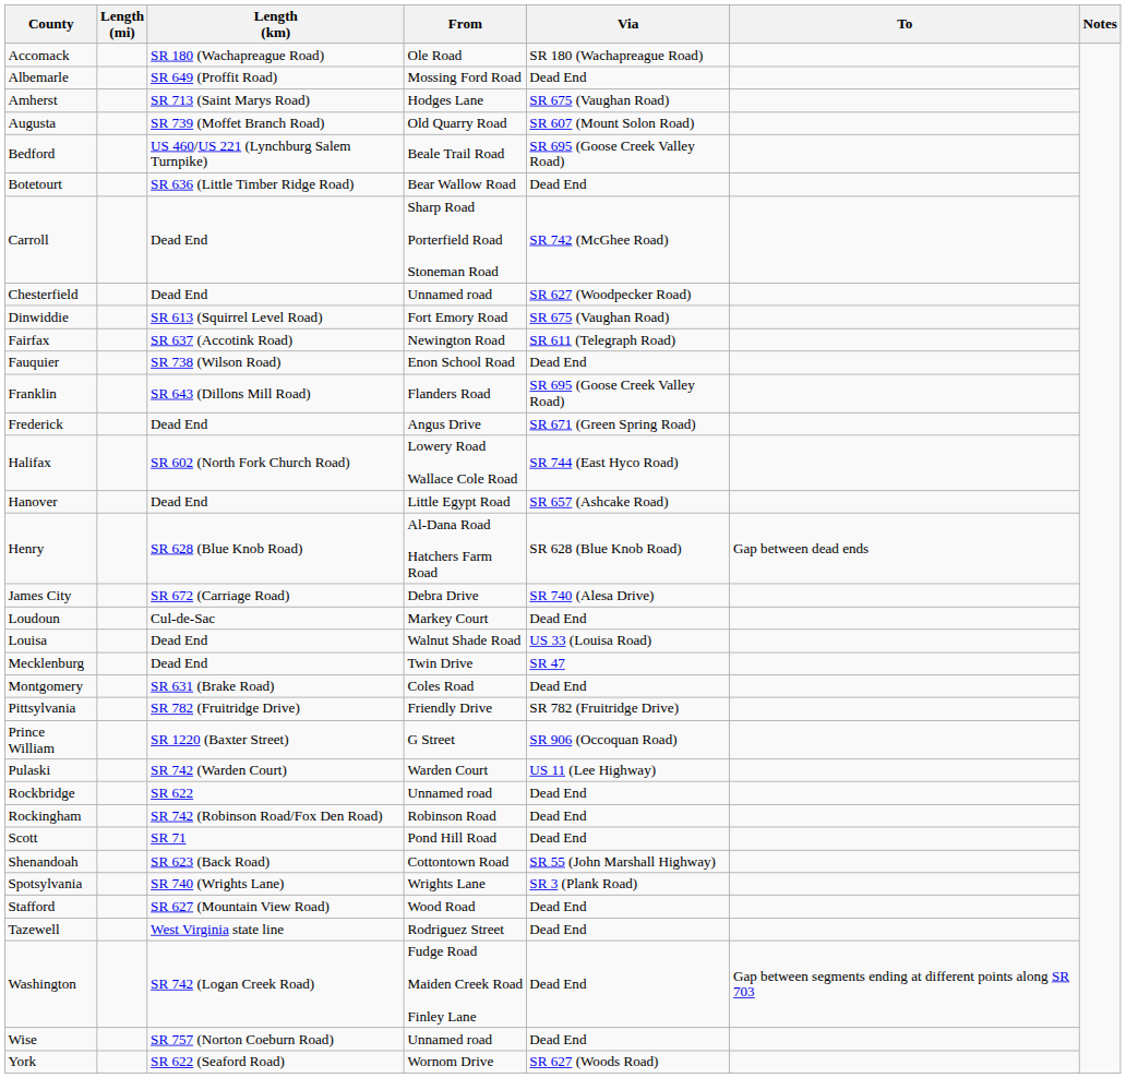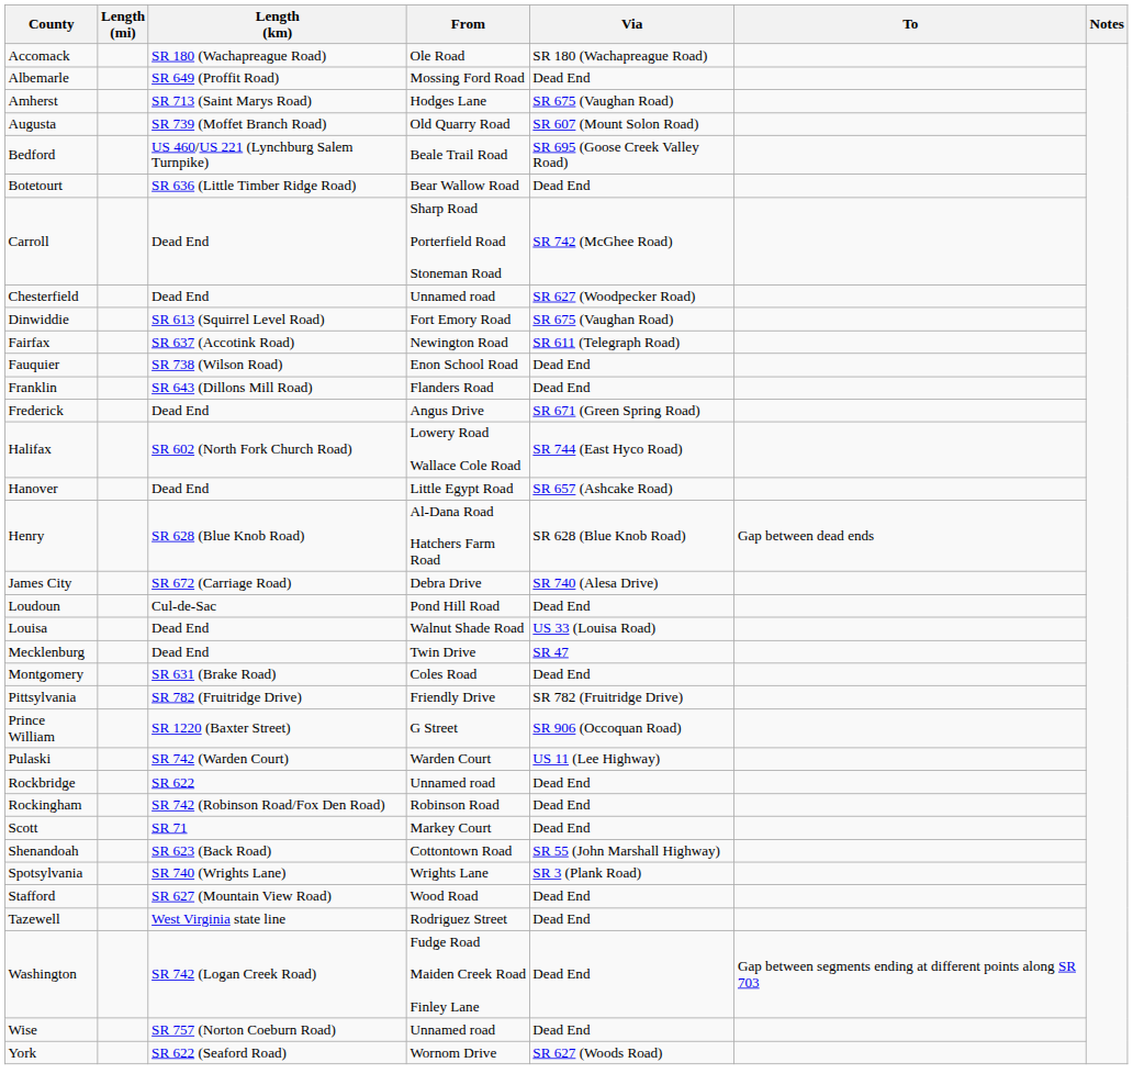 <table class="wikitable sortable">
 <tr>
 <th>County</th>
 <th>Length<br>(mi)</th>
 <th>Length<br>(km)</th>
 <th class="unsortable">From</th>
 <th class="unsortable">Via</th>
 <th class="unsortable">To</th>
 <th class="unsortable">Notes</th>
 </tr>
 <tr>
 <td id="Accomack">Accomack</td>
 <td></td>
 <td><a href='#'>SR 180</a> (Wachapreague Road)</td>
 <td>Ole Road</td>
 <td>SR 180 (Wachapreague Road)</td>
 <td></td>
 </tr>
 <tr>
 <td id="Albemarle">Albemarle</td>
 <td></td>
 <td><a href='#'>SR 649</a> (Proffit Road)</td>
 <td>Mossing Ford Road</td>
 <td>Dead End</td>
 <td><br> </td>
 </tr>
 <tr>
 <td id="Amherst">Amherst</td>
 <td></td>
 <td><a href='#'>SR 713</a> (Saint Marys Road)</td>
 <td>Hodges Lane</td>
 <td><a href='#'>SR 675</a> (Vaughan Road)</td>
 <td><br> </td>
 </tr>
 <tr>
 <td id="Augusta">Augusta</td>
 <td></td>
 <td><a href='#'>SR 739</a> (Moffet Branch Road)</td>
 <td>Old Quarry Road</td>
 <td><a href='#'>SR 607</a> (Mount Solon Road)</td>
 <td><br></td>
 </tr>
 <tr>
 <td id="Bedford">Bedford</td>
 <td></td>
 <td><a href='#'>US 460</a>/<a href='#'>US 221</a> (Lynchburg Salem Turnpike)</td>
 <td>Beale Trail Road</td>
 <td><a href='#'>SR 695</a> (Goose Creek Valley Road)</td>
 <td><br></td>
 </tr>
 <tr>
 <td id="Botetourt">Botetourt</td>
 <td></td>
 <td><a href='#'>SR 636</a> (Little Timber Ridge Road)</td>
 <td>Bear Wallow Road</td>
 <td>Dead End</td>
 <td><br>    </td>
 </tr>
 <tr>
 <td id="Carroll">Carroll</td>
 <td></td>
 <td>Dead End</td>
 <td>Sharp Road<br><br>Porterfield Road<br><br>Stoneman Road</td>
 <td><a href='#'>SR 742</a> (McGhee Road)</td>
 <td><br> </td>
 </tr>
 <tr>
 <td id="Chesterfield">Chesterfield</td>
 <td></td>
 <td>Dead End</td>
 <td>Unnamed road</td>
 <td><a href='#'>SR 627</a> (Woodpecker Road)</td>
 <td><br>    </td>
 </tr>
 <tr>
 <td id="Dinwiddie">Dinwiddie</td>
 <td></td>
 <td><a href='#'>SR 613</a> (Squirrel Level Road)</td>
 <td>Fort Emory Road</td>
 <td><a href='#'>SR 675</a> (Vaughan Road)</td>
 <td><br></td>
 </tr>
 <tr>
 <td id="Fairfax">Fairfax</td>
 <td></td>
 <td><a href='#'>SR 637</a> (Accotink Road)</td>
 <td>Newington Road</td>
 <td><a href='#'>SR 611</a> (Telegraph Road)</td>
 <td></td>
 </tr>
 <tr>
 <td id="Fauquier">Fauquier</td>
 <td></td>
 <td><a href='#'>SR 738</a> (Wilson Road)</td>
 <td>Enon School Road</td>
 <td>Dead End</td>
 <td><br> </td>
 </tr>
 <tr>
 <td id="Franklin">Franklin</td>
 <td></td>
 <td><a href='#'>SR 643</a> (Dillons Mill Road)</td>
 <td>Flanders Road</td>
-<td><a href='#'>SR 695</a> (Goose Creek Valley Road)</td>
+<td>Dead End</td>
 <td></td>
 </tr>
 <tr>
 <td id="Frederick">Frederick</td>
 <td></td>
 <td>Dead End</td>
 <td>Angus Drive</td>
 <td><a href='#'>SR 671</a> (Green Spring Road)</td>
 <td><br>     </td>
 </tr>
 <tr>
 <td id="Halifax">Halifax</td>
 <td></td>
 <td><a href='#'>SR 602</a> (North Fork Church Road)</td>
 <td>Lowery Road<br><br>Wallace Cole Road</td>
 <td><a href='#'>SR 744</a> (East Hyco Road)</td>
 <td></td>
 </tr>
 <tr>
 <td id="Hanover">Hanover</td>
 <td></td>
 <td>Dead End</td>
 <td>Little Egypt Road</td>
 <td><a href='#'>SR 657</a> (Ashcake Road)</td>
 <td><br></td>
 </tr>
 <tr>
 <td id="Henry">Henry</td>
 <td></td>
 <td><a href='#'>SR 628</a> (Blue Knob Road)</td>
 <td>Al-Dana Road<br><br>Hatchers Farm Road</td>
 <td>SR 628 (Blue Knob Road)</td>
 <td>Gap between dead ends<br> </td>
 </tr>
 <tr>
 <td id="James City">James City</td>
 <td></td>
 <td><a href='#'>SR 672</a> (Carriage Road)</td>
 <td>Debra Drive</td>
 <td><a href='#'>SR 740</a> (Alesa Drive)</td>
 <td><br>    </td>
 </tr>
 <tr>
 <td id="Loudoun">Loudoun</td>
 <td></td>
 <td>Cul-de-Sac</td>
-<td>Markey Court</td>
+<td>Pond Hill Road</td>
 <td>Dead End</td>
 <td></td>
 </tr>
 <tr>
 <td id="Louisa">Louisa</td>
 <td></td>
 <td>Dead End</td>
 <td>Walnut Shade Road</td>
 <td><a href='#'>US 33</a> (Louisa Road)</td>
 <td><br>  </td>
 </tr>
 <tr>
 <td id="Mecklenburg">Mecklenburg</td>
 <td></td>
 <td>Dead End</td>
 <td>Twin Drive</td>
 <td><a href='#'>SR 47</a></td>
 <td><br></td>
 </tr>
 <tr>
 <td id="Montgomery">Montgomery</td>
 <td></td>
 <td><a href='#'>SR 631</a> (Brake Road)</td>
 <td>Coles Road</td>
 <td>Dead End</td>
 <td><br>       </td>
 </tr>
 <tr>
 <td id="Pittsylvania">Pittsylvania</td>
 <td></td>
 <td><a href='#'>SR 782</a> (Fruitridge Drive)</td>
 <td>Friendly Drive</td>
 <td>SR 782 (Fruitridge Drive)</td>
 <td><br>  </td>
 </tr>
 <tr>
 <td id="Prince William">Prince William</td>
 <td></td>
 <td><a href='#'>SR 1220</a> (Baxter Street)</td>
 <td>G Street</td>
 <td><a href='#'>SR 906</a> (Occoquan Road)</td>
 <td></td>
 </tr>
 <tr>
 <td id="Pulaski">Pulaski</td>
 <td></td>
 <td><a href='#'>SR 742</a> (Warden Court)</td>
 <td>Warden Court</td>
 <td><a href='#'>US 11</a> (Lee Highway)</td>
 <td><br>  </td>
 </tr>
 <tr>
 <td id="Rockbridge">Rockbridge</td>
 <td></td>
 <td><a href='#'>SR 622</a></td>
 <td>Unnamed road</td>
 <td>Dead End</td>
 <td></td>
 </tr>
 <tr>
 <td id="Rockingham">Rockingham</td>
 <td></td>
 <td><a href='#'>SR 742</a> (Robinson Road/Fox Den Road)</td>
 <td>Robinson Road</td>
 <td>Dead End</td>
 <td><br></td>
 </tr>
 <tr>
 <td id="Scott">Scott</td>
 <td></td>
 <td><a href='#'>SR 71</a></td>
-<td>Pond Hill Road</td>
+<td>Markey Court</td>
 <td>Dead End</td>
 <td></td>
 </tr>
 <tr>
 <td id="Shenandoah">Shenandoah</td>
 <td></td>
 <td><a href='#'>SR 623</a> (Back Road)</td>
 <td>Cottontown Road</td>
 <td><a href='#'>SR 55</a> (John Marshall Highway)</td>
 <td><br> </td>
 </tr>
 <tr>
 <td id="Spotsylvania">Spotsylvania</td>
 <td></td>
 <td><a href='#'>SR 740</a> (Wrights Lane)</td>
 <td>Wrights Lane</td>
 <td><a href='#'>SR 3</a> (Plank Road)</td>
 <td></td>
 </tr>
 <tr>
 <td id="Stafford">Stafford</td>
 <td></td>
 <td><a href='#'>SR 627</a> (Mountain View Road)</td>
 <td>Wood Road</td>
 <td>Dead End</td>
 <td><br> </td>
 </tr>
 <tr>
 <td id="Tazewell">Tazewell</td>
 <td></td>
 <td><a href='#'>West Virginia</a> state line</td>
 <td>Rodriguez Street</td>
 <td>Dead End</td>
 <td><br></td>
 </tr>
 <tr>
 <td id="Washington">Washington</td>
 <td></td>
 <td><a href='#'>SR 742</a> (Logan Creek Road)</td>
 <td>Fudge Road<br><br>Maiden Creek Road<br><br>Finley Lane</td>
 <td>Dead End</td>
 <td>Gap between segments ending at different points along <a href='#'>SR 703</a><br></td>
 </tr>
 <tr>
 <td id="Wise">Wise</td>
 <td></td>
 <td><a href='#'>SR 757</a> (Norton Coeburn Road)</td>
 <td>Unnamed road</td>
 <td>Dead End</td>
 <td><br></td>
 </tr>
 <tr>
 <td id="York">York</td>
 <td></td>
 <td><a href='#'>SR 622</a> (Seaford Road)</td>
 <td>Wornom Drive</td>
 <td><a href='#'>SR 627</a> (Woods Road)</td>
 <td></td>
 </tr>
 </table>
